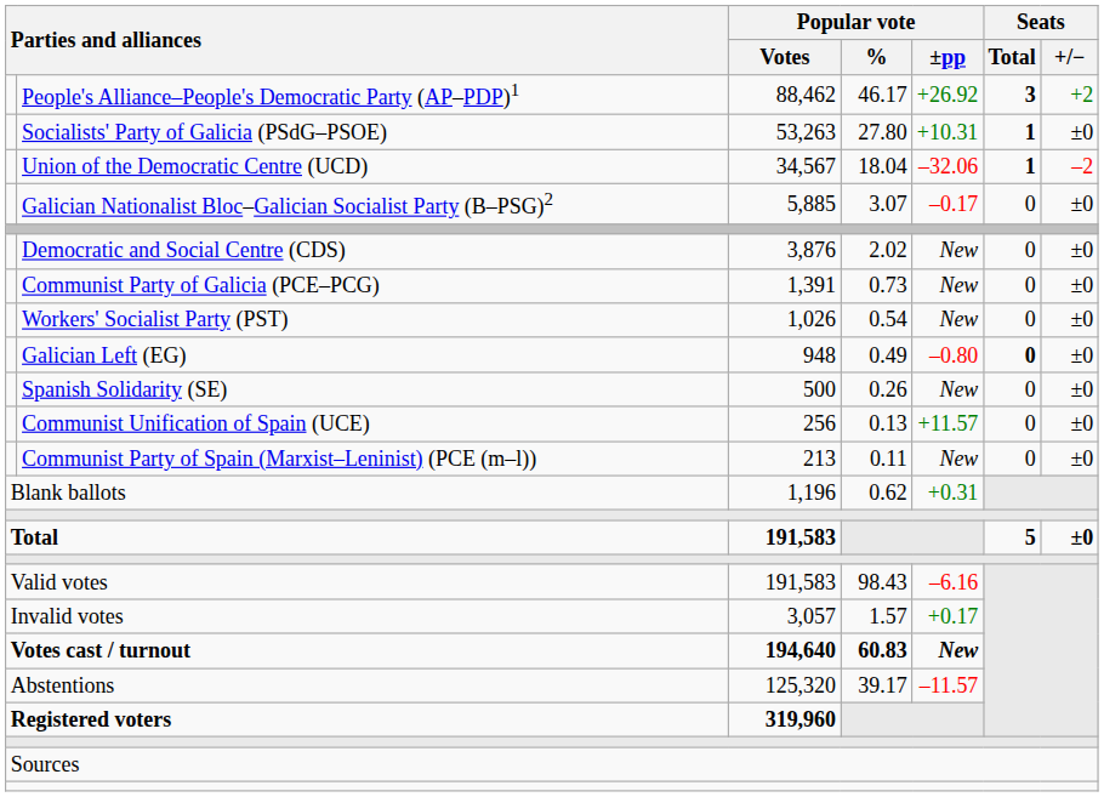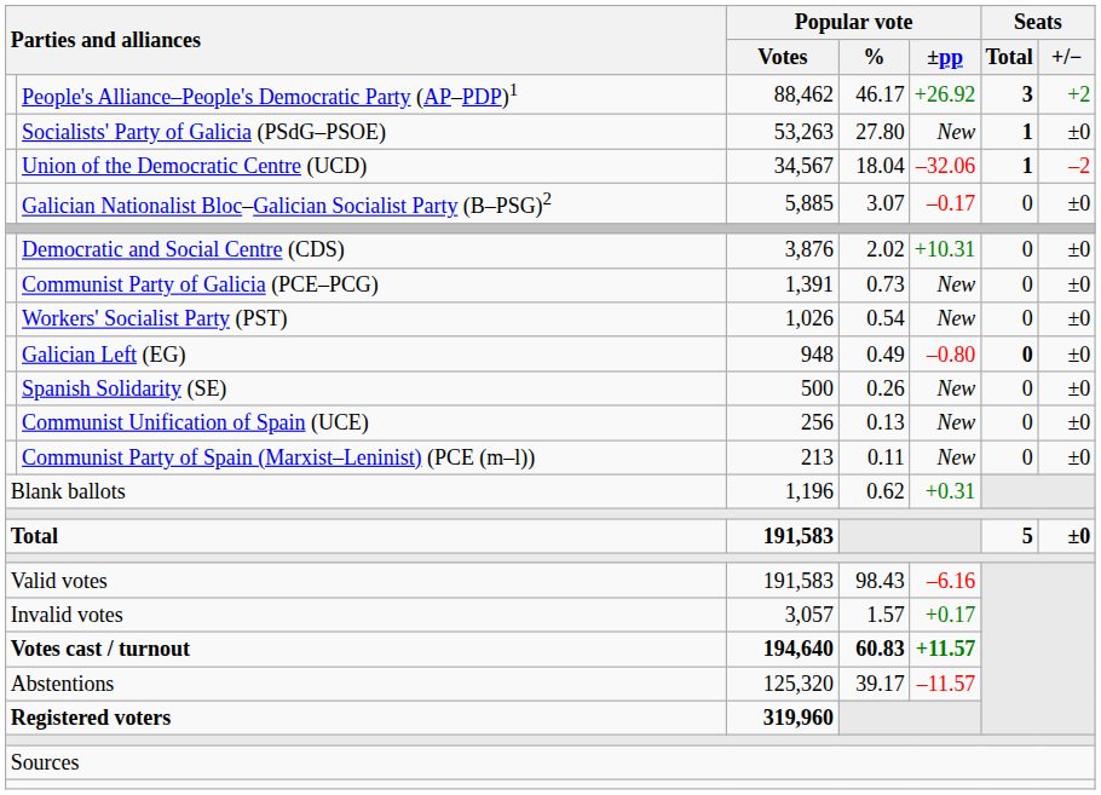 <table class="wikitable" style="text-align:right;">
 <tr>
 <th style="text-align:left;" rowspan="2" colspan="2" width="525">Parties and alliances</th>
 <th colspan="3">Popular vote</th>
 <th colspan="2">Seats</th>
 </tr>
 <tr>
 <th width="75">Votes</th>
 <th width="45">%</th>
 <th width="45">±<a href='#'>pp</a></th>
 <th width="35">Total</th>
 <th width="35">+/−</th>
 </tr>
 <tr>
 <td width="1" style="color:inherit;background:"></td>
 <td align="left"><a href='#'>People's Alliance–People's Democratic Party</a> (<a href='#'>AP</a>–<a href='#'>PDP</a>)<sup>1</sup></td>
 <td>88,462</td>
 <td>46.17</td>
 <td style="color:green;">+26.92</td>
 <td><strong>3</strong></td>
 <td style="color:green;">+2</td>
 </tr>
 <tr>
 <td style="color:inherit;background:"></td>
 <td align="left"><a href='#'>Socialists' Party of Galicia</a> (PSdG–PSOE)</td>
 <td>53,263</td>
 <td>27.80</td>
-<td style="color:green;">+10.31</td>
+<td><em>New</em></td>
 <td><strong>1</strong></td>
 <td>±0</td>
 </tr>
 <tr>
 <td style="color:inherit;background:"></td>
 <td align="left"><a href='#'>Union of the Democratic Centre</a> (UCD)</td>
 <td>34,567</td>
 <td>18.04</td>
 <td style="color:red;">–32.06</td>
 <td><strong>1</strong></td>
 <td style="color:red;">–2</td>
 </tr>
 <tr>
 <td style="color:inherit;background:"></td>
 <td align="left"><a href='#'>Galician Nationalist Bloc</a>–<a href='#'>Galician Socialist Party</a> (B–PSG)<sup>2</sup></td>
 <td>5,885</td>
 <td>3.07</td>
 <td style="color:red;">–0.17</td>
 <td>0</td>
 <td>±0</td>
 </tr>
 <tr>
 <td colspan="7" bgcolor="#C0C0C0"></td>
 </tr>
 <tr>
 <td style="color:inherit;background:"></td>
 <td align="left"><a href='#'>Democratic and Social Centre</a> (CDS)</td>
 <td>3,876</td>
 <td>2.02</td>
-<td><em>New</em></td>
+<td style="color:green;">+10.31</td>
 <td>0</td>
 <td>±0</td>
 </tr>
 <tr>
 <td style="color:inherit;background:"></td>
 <td align="left"><a href='#'>Communist Party of Galicia</a> (PCE–PCG)</td>
 <td>1,391</td>
 <td>0.73</td>
 <td><em>New</em></td>
 <td>0</td>
 <td>±0</td>
 </tr>
 <tr>
 <td style="color:inherit;background:"></td>
 <td align="left"><a href='#'>Workers' Socialist Party</a> (PST)</td>
 <td>1,026</td>
 <td>0.54</td>
 <td><em>New</em></td>
 <td>0</td>
 <td>±0</td>
 </tr>
 <tr>
 <td style="color:inherit;background:"></td>
 <td align="left"><a href='#'>Galician Left</a> (EG)</td>
 <td>948</td>
 <td>0.49</td>
 <td style="color:red;">–0.80</td>
 <td><strong>0</strong></td>
 <td>±0</td>
 </tr>
 <tr>
 <td style="color:inherit;background:"></td>
 <td align="left"><a href='#'>Spanish Solidarity</a> (SE)</td>
 <td>500</td>
 <td>0.26</td>
 <td><em>New</em></td>
 <td>0</td>
 <td>±0</td>
 </tr>
 <tr>
 <td style="color:inherit;background:"></td>
 <td align="left"><a href='#'>Communist Unification of Spain</a> (UCE)</td>
 <td>256</td>
 <td>0.13</td>
-<td style="color:green;">+11.57</td>
+<td><em>New</em></td>
 <td>0</td>
 <td>±0</td>
 </tr>
 <tr>
 <td style="color:inherit;background:"></td>
 <td align="left"><a href='#'>Communist Party of Spain (Marxist–Leninist)</a> (PCE (m–l))</td>
 <td>213</td>
 <td>0.11</td>
 <td><em>New</em></td>
 <td>0</td>
 <td>±0</td>
 </tr>
 <tr>
 <td align="left" colspan="2">Blank ballots</td>
 <td>1,196</td>
 <td>0.62</td>
 <td style="color:green;">+0.31</td>
 <td bgcolor="#E9E9E9" colspan="2"></td>
 </tr>
 <tr>
 <td colspan="7" bgcolor="#E9E9E9"></td>
 </tr>
 <tr style="font-weight:bold;">
 <td align="left" colspan="2">Total</td>
 <td>191,583</td>
 <td bgcolor="#E9E9E9" colspan="2"></td>
 <td>5</td>
 <td>±0</td>
 </tr>
 <tr>
 <td colspan="7" bgcolor="#E9E9E9"></td>
 </tr>
 <tr>
 <td align="left" colspan="2">Valid votes</td>
 <td>191,583</td>
 <td>98.43</td>
 <td style="color:red;">–6.16</td>
 <td bgcolor="#E9E9E9" colspan="2" rowspan="5"></td>
 </tr>
 <tr>
 <td align="left" colspan="2">Invalid votes</td>
 <td>3,057</td>
 <td>1.57</td>
 <td style="color:green;">+0.17</td>
 </tr>
 <tr style="font-weight:bold;">
 <td align="left" colspan="2">Votes cast / turnout</td>
 <td>194,640</td>
 <td>60.83</td>
-<td><em>New</em></td>
+<td style="color:green;">+11.57</td>
 </tr>
 <tr>
 <td align="left" colspan="2">Abstentions</td>
 <td>125,320</td>
 <td>39.17</td>
 <td style="color:red;">–11.57</td>
 </tr>
 <tr style="font-weight:bold;">
 <td align="left" colspan="2">Registered voters</td>
 <td>319,960</td>
 <td bgcolor="#E9E9E9" colspan="2"></td>
 </tr>
 <tr>
 <td colspan="7" bgcolor="#E9E9E9"></td>
 </tr>
 <tr>
 <td align="left" colspan="7">Sources</td>
 </tr>
 <tr>
 <td colspan="7" style="text-align:left; max-width:790px;"></td>
 </tr>
 </table>
